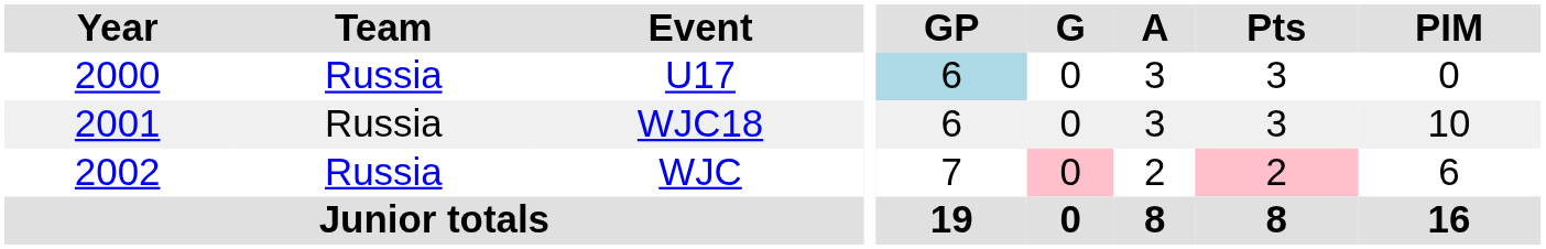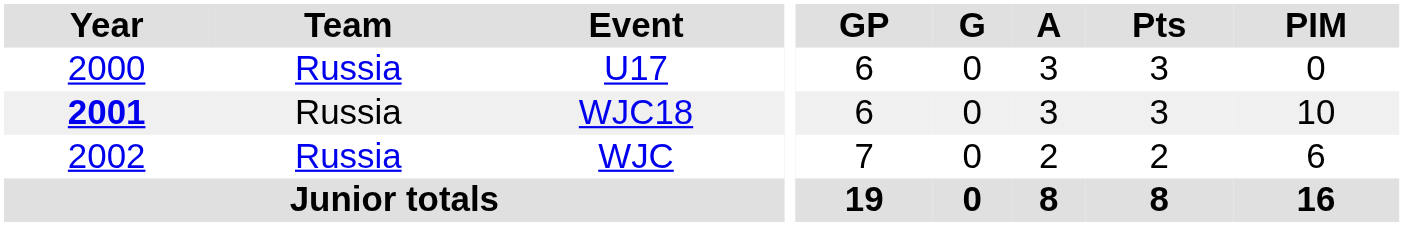 <table border="0" cellpadding="1" cellspacing="0" ID="Table3" style="text-align:center; width:40em">
 <tr ALIGN="center" bgcolor="#e0e0e0">
 <th>Year</th>
 <th>Team</th>
 <th>Event</th>
 <th rowspan="99" bgcolor="#ffffff"></th>
 <th>GP</th>
 <th>G</th>
 <th>A</th>
 <th>Pts</th>
 <th>PIM</th>
 </tr>
 <tr>
 <td><a href='#'>2000</a></td>
 <td><a href='#'>Russia</a></td>
 <td><a href='#'>U17</a></td>
-<td style="background: lightblue;">6</td>
+<td>6</td>
 <td>0</td>
 <td>3</td>
 <td>3</td>
 <td>0</td>
 </tr>
 <tr bgcolor="#f0f0f0">
-<td><a href='#'>2001</a></td>
+<td><strong><a href='#'>2001</a></strong></td>
 <td>Russia</td>
 <td><a href='#'>WJC18</a></td>
 <td>6</td>
 <td>0</td>
 <td>3</td>
 <td>3</td>
 <td>10</td>
 </tr>
 <tr>
 <td><a href='#'>2002</a></td>
 <td><a href='#'>Russia</a></td>
 <td><a href='#'>WJC</a></td>
 <td>7</td>
-<td style="background: pink;">0</td>
+<td>0</td>
 <td>2</td>
-<td style="background: pink;">2</td>
+<td>2</td>
 <td>6</td>
 </tr>
 <tr bgcolor="#e0e0e0">
 <th colspan="3">Junior totals</th>
 <th>19</th>
 <th>0</th>
 <th>8</th>
 <th>8</th>
 <th>16</th>
 </tr>
 </table>
